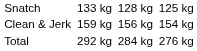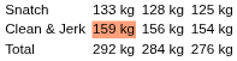 <table>
 <tr>
 <td>Snatch</td>
 <td></td>
 <td>133 kg</td>
 <td></td>
 <td>128 kg</td>
 <td></td>
 <td>125 kg</td>
 </tr>
 <tr>
 <td>Clean & Jerk</td>
 <td></td>
-<td>159 kg</td>
+<td style="background: lightsalmon;">159 kg</td>
 <td></td>
 <td>156 kg</td>
 <td></td>
 <td>154 kg</td>
 </tr>
 <tr>
 <td>Total</td>
 <td></td>
 <td>292 kg</td>
 <td></td>
 <td>284 kg</td>
 <td></td>
 <td>276 kg</td>
 </tr>
 </table>
